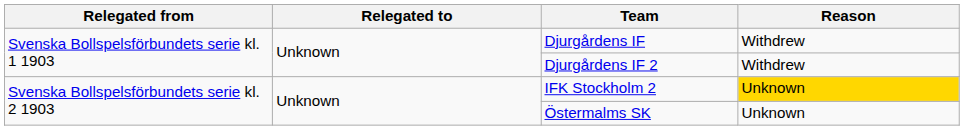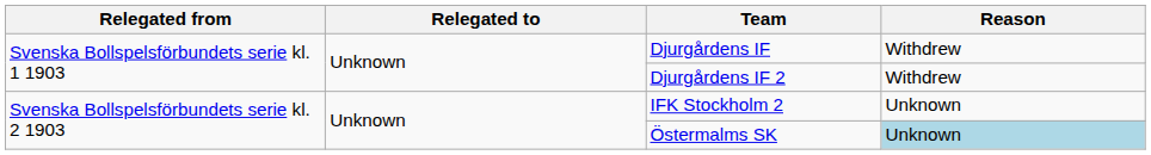 <table class="wikitable" style="text-align: left;">
 <tr>
 <th style="width: 275px;">Relegated from</th>
 <th style="width: 275px;">Relegated to</th>
 <th style="width: 200px;">Team</th>
 <th style="width: 225px;">Reason</th>
 </tr>
 <tr>
 <td rowspan=2><a href='#'>Svenska Bollspelsförbundets serie</a> kl. 1 1903</td>
 <td rowspan=2>Unknown</td>
 <td><a href='#'>Djurgårdens IF</a></td>
 <td>Withdrew</td>
 </tr>
 <tr>
 <td><a href='#'>Djurgårdens IF 2</a></td>
 <td>Withdrew</td>
 </tr>
 <tr>
 <td rowspan=2><a href='#'>Svenska Bollspelsförbundets serie</a> kl. 2 1903</td>
 <td rowspan=2>Unknown</td>
 <td><a href='#'>IFK Stockholm 2</a></td>
-<td style="background: gold;">Unknown</td>
+<td>Unknown</td>
 </tr>
 <tr>
 <td><a href='#'>Östermalms SK</a></td>
-<td>Unknown</td>
+<td style="background: lightblue;">Unknown</td>
 </tr>
 </table>
